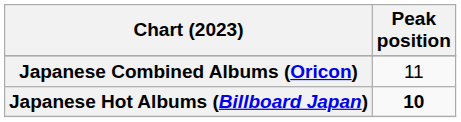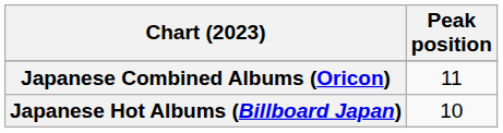 <table class="wikitable sortable plainrowheaders" style="text-align:center">
 <tr>
 <th scope="col">Chart (2023)</th>
 <th scope="col">Peak<br>position</th>
 </tr>
 <tr>
 </tr>
 <tr>
 <th scope="row">Japanese Combined Albums (<a href='#'>Oricon</a>)</th>
 <td>11</td>
 </tr>
 <tr>
 <th scope="row">Japanese Hot Albums (<em><a href='#'>Billboard Japan</a></em>)</th>
-<td><strong>10</strong></td>
+<td>10</td>
 </tr>
 <tr>
 </tr>
 </table>
